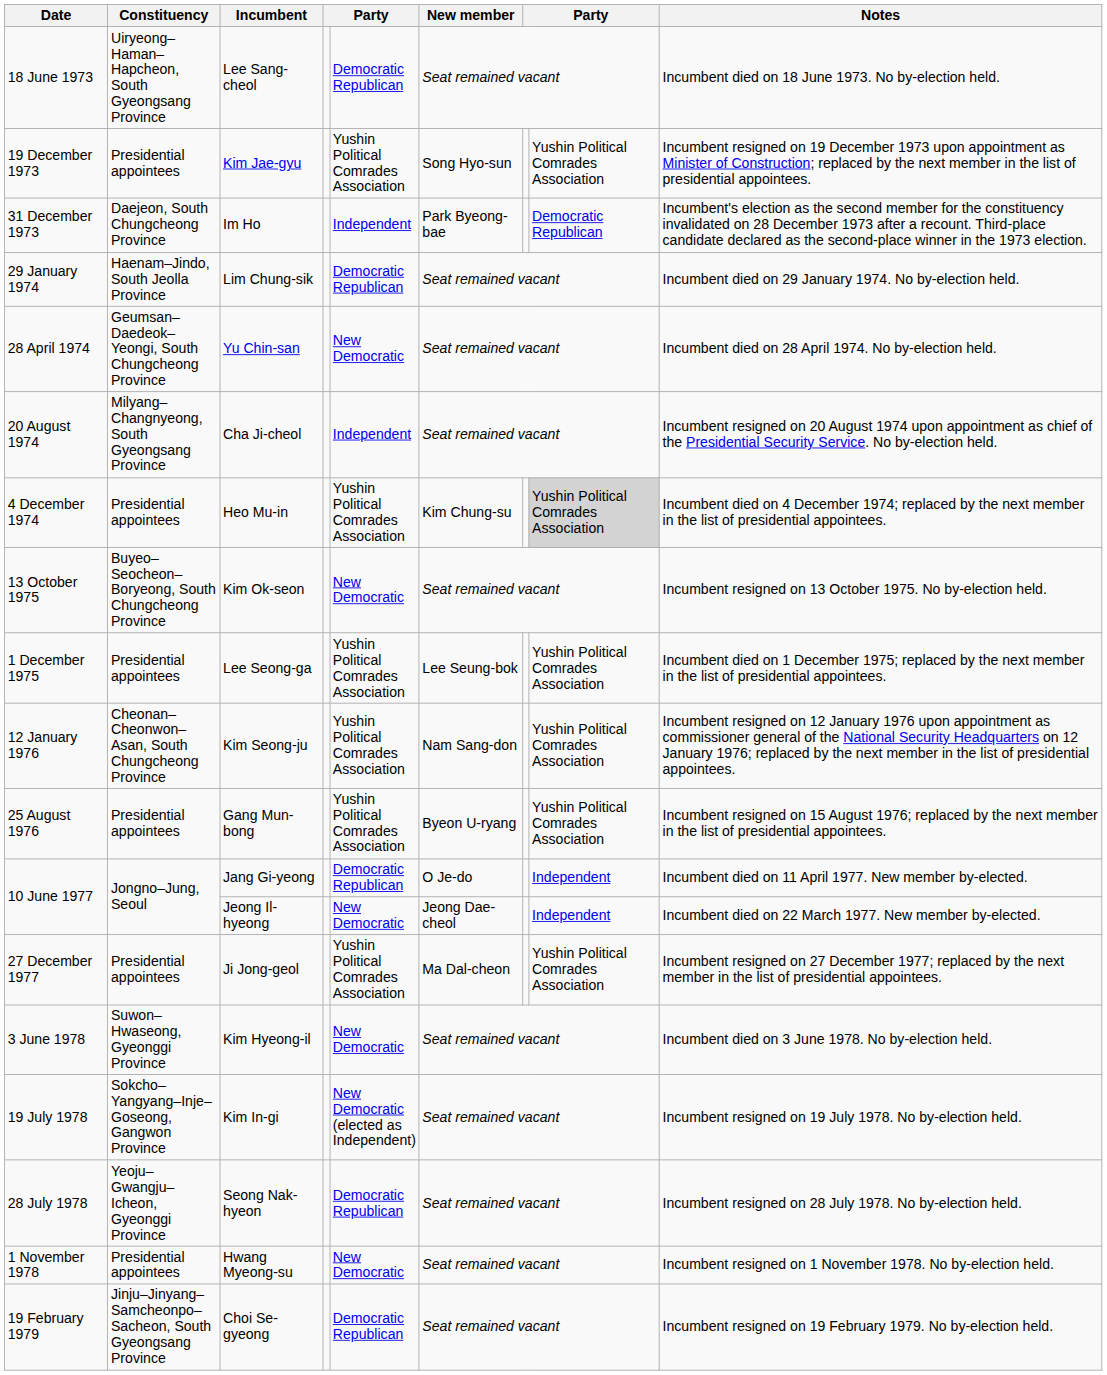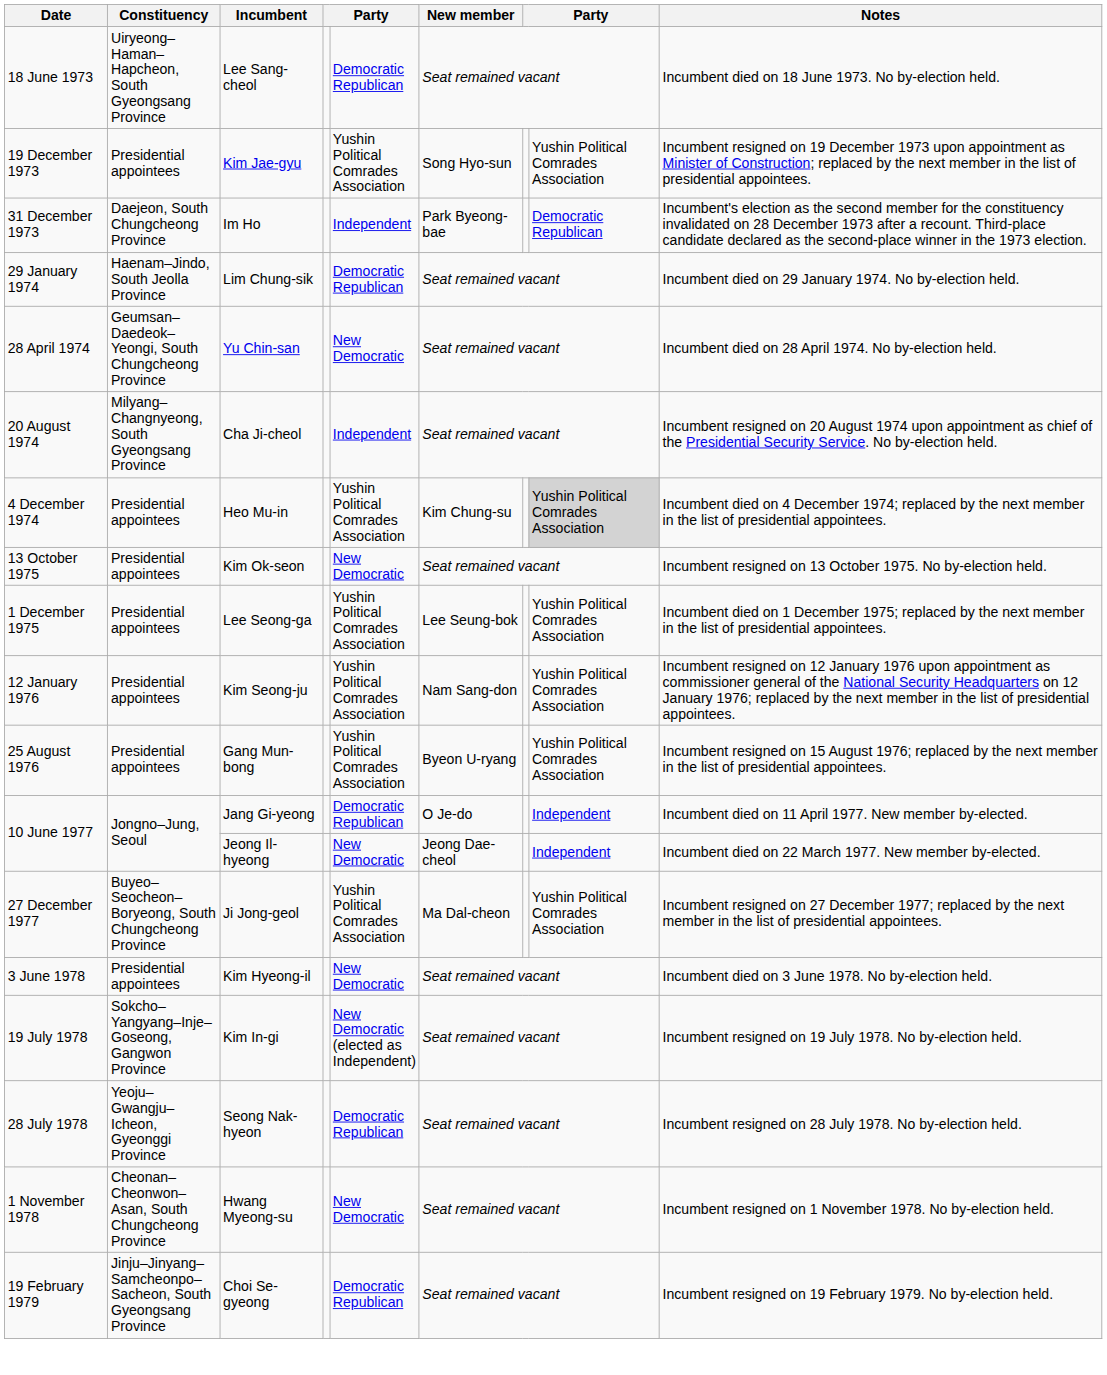 <table class="wikitable sortable plainrowheaders">
 <tr>
 <th width="110px">Date</th>
 <th width="120px">Constituency</th>
 <th width="110px">Incumbent</th>
 <th colspan="2">Party</th>
 <th width="110px">New member</th>
 <th colspan="2">Party</th>
 <th class="unsortable">Notes</th>
 </tr>
 <tr>
 <td>18 June 1973</td>
 <td>Uiryeong–Haman–Hapcheon, South Gyeongsang Province</td>
 <td>Lee Sang-cheol</td>
 <td></td>
 <td width="90px"><a href='#'>Democratic Republican</a></td>
 <td colspan="3"><em>Seat remained vacant</em></td>
 <td>Incumbent died on 18 June 1973. No by-election held.</td>
 </tr>
 <tr>
 <td>19 December 1973</td>
 <td>Presidential appointees</td>
 <td><a href='#'>Kim Jae-gyu</a></td>
 <td></td>
 <td>Yushin Political Comrades Association</td>
 <td>Song Hyo-sun</td>
 <td></td>
 <td>Yushin Political Comrades Association</td>
 <td>Incumbent resigned on 19 December 1973 upon appointment as <a href='#'>Minister of Construction</a>; replaced by the next member in the list of presidential appointees.</td>
 </tr>
 <tr>
 <td>31 December 1973</td>
 <td>Daejeon, South Chungcheong Province</td>
 <td>Im Ho</td>
 <td></td>
 <td><a href='#'>Independent</a></td>
 <td>Park Byeong-bae</td>
 <td></td>
 <td><a href='#'>Democratic Republican</a></td>
 <td>Incumbent's election as the second member for the constituency invalidated on 28 December 1973 after a recount. Third-place candidate declared as the second-place winner in the 1973 election.</td>
 </tr>
 <tr>
 <td>29 January 1974</td>
 <td>Haenam–Jindo, South Jeolla Province</td>
 <td>Lim Chung-sik</td>
 <td></td>
 <td><a href='#'>Democratic Republican</a></td>
 <td colspan="3"><em>Seat remained vacant</em></td>
 <td>Incumbent died on 29 January 1974. No by-election held.</td>
 </tr>
 <tr>
 <td>28 April 1974</td>
 <td>Geumsan–Daedeok–Yeongi, South Chungcheong Province</td>
 <td><a href='#'>Yu Chin-san</a></td>
 <td></td>
 <td><a href='#'>New Democratic</a></td>
 <td colspan="3"><em>Seat remained vacant</em></td>
 <td>Incumbent died on 28 April 1974. No by-election held.</td>
 </tr>
 <tr>
 <td>20 August 1974</td>
 <td>Milyang–Changnyeong, South Gyeongsang Province</td>
 <td>Cha Ji-cheol</td>
 <td></td>
 <td><a href='#'>Independent</a></td>
 <td colspan="3"><em>Seat remained vacant</em></td>
 <td>Incumbent resigned on 20 August 1974 upon appointment as chief of the <a href='#'>Presidential Security Service</a>. No by-election held.</td>
 </tr>
 <tr>
 <td>4 December 1974</td>
 <td>Presidential appointees</td>
 <td>Heo Mu-in</td>
 <td></td>
 <td>Yushin Political Comrades Association</td>
 <td>Kim Chung-su</td>
 <td></td>
 <td style="background: lightgrey;">Yushin Political Comrades Association</td>
 <td>Incumbent died on 4 December 1974; replaced by the next member in the list of presidential appointees.</td>
 </tr>
 <tr>
 <td>13 October 1975</td>
-<td>Buyeo–Seocheon–Boryeong, South Chungcheong Province</td>
+<td>Presidential appointees</td>
 <td>Kim Ok-seon</td>
 <td></td>
 <td><a href='#'>New Democratic</a></td>
 <td colspan="3"><em>Seat remained vacant</em></td>
 <td>Incumbent resigned on 13 October 1975. No by-election held.</td>
 </tr>
 <tr>
 <td>1 December 1975</td>
 <td>Presidential appointees</td>
 <td>Lee Seong-ga</td>
 <td></td>
 <td>Yushin Political Comrades Association</td>
 <td>Lee Seung-bok</td>
 <td></td>
 <td>Yushin Political Comrades Association</td>
 <td>Incumbent died on 1 December 1975; replaced by the next member in the list of presidential appointees.</td>
 </tr>
 <tr>
 <td>12 January 1976</td>
-<td>Cheonan–Cheonwon–Asan, South Chungcheong Province</td>
+<td>Presidential appointees</td>
 <td>Kim Seong-ju</td>
 <td></td>
 <td>Yushin Political Comrades Association</td>
 <td>Nam Sang-don</td>
 <td></td>
 <td>Yushin Political Comrades Association</td>
 <td>Incumbent resigned on 12 January 1976 upon appointment as commissioner general of the <a href='#'>National Security Headquarters</a> on 12 January 1976; replaced by the next member in the list of presidential appointees.</td>
 </tr>
 <tr>
 <td>25 August 1976</td>
 <td>Presidential appointees</td>
 <td>Gang Mun-bong</td>
 <td></td>
 <td>Yushin Political Comrades Association</td>
 <td>Byeon U-ryang</td>
 <td></td>
 <td>Yushin Political Comrades Association</td>
 <td>Incumbent resigned on 15 August 1976; replaced by the next member in the list of presidential appointees.</td>
 </tr>
 <tr>
 <td rowspan="2">10 June 1977</td>
 <td rowspan="2">Jongno–Jung, Seoul</td>
 <td>Jang Gi-yeong</td>
 <td></td>
 <td><a href='#'>Democratic Republican</a></td>
 <td>O Je-do</td>
 <td></td>
 <td><a href='#'>Independent</a></td>
 <td>Incumbent died on 11 April 1977. New member by-elected.</td>
 </tr>
 <tr>
 <td>Jeong Il-hyeong</td>
 <td></td>
 <td><a href='#'>New Democratic</a></td>
 <td>Jeong Dae-cheol</td>
 <td></td>
 <td><a href='#'>Independent</a></td>
 <td>Incumbent died on 22 March 1977. New member by-elected.</td>
 </tr>
 <tr>
 <td>27 December 1977</td>
-<td>Presidential appointees</td>
+<td>Buyeo–Seocheon–Boryeong, South Chungcheong Province</td>
 <td>Ji Jong-geol</td>
 <td></td>
 <td>Yushin Political Comrades Association</td>
 <td>Ma Dal-cheon</td>
 <td></td>
 <td>Yushin Political Comrades Association</td>
 <td>Incumbent resigned on 27 December 1977; replaced by the next member in the list of presidential appointees.</td>
 </tr>
 <tr>
 <td>3 June 1978</td>
-<td>Suwon–Hwaseong, Gyeonggi Province</td>
+<td>Presidential appointees</td>
 <td>Kim Hyeong-il</td>
 <td></td>
 <td><a href='#'>New Democratic</a></td>
 <td colspan="3"><em>Seat remained vacant</em></td>
 <td>Incumbent died on 3 June 1978. No by-election held.</td>
 </tr>
 <tr>
 <td>19 July 1978</td>
 <td>Sokcho–Yangyang–Inje–Goseong, Gangwon Province</td>
 <td>Kim In-gi</td>
 <td></td>
 <td><a href='#'>New Democratic</a> (elected as Independent)</td>
 <td colspan="3"><em>Seat remained vacant</em></td>
 <td>Incumbent resigned on 19 July 1978. No by-election held.</td>
 </tr>
 <tr>
 <td>28 July 1978</td>
 <td>Yeoju–Gwangju–Icheon, Gyeonggi Province</td>
 <td>Seong Nak-hyeon</td>
 <td></td>
 <td><a href='#'>Democratic Republican</a></td>
 <td colspan="3"><em>Seat remained vacant</em></td>
 <td>Incumbent resigned on 28 July 1978. No by-election held.</td>
 </tr>
 <tr>
 <td>1 November 1978</td>
-<td>Presidential appointees</td>
+<td>Cheonan–Cheonwon–Asan, South Chungcheong Province</td>
 <td>Hwang Myeong-su</td>
 <td></td>
 <td><a href='#'>New Democratic</a></td>
 <td colspan="3"><em>Seat remained vacant</em></td>
 <td>Incumbent resigned on 1 November 1978. No by-election held.</td>
 </tr>
 <tr>
 <td>19 February 1979</td>
 <td>Jinju–Jinyang–Samcheonpo–Sacheon, South Gyeongsang Province</td>
 <td>Choi Se-gyeong</td>
 <td></td>
 <td><a href='#'>Democratic Republican</a></td>
 <td colspan="3"><em>Seat remained vacant</em></td>
 <td>Incumbent resigned on 19 February 1979. No by-election held.</td>
 </tr>
 </table>
